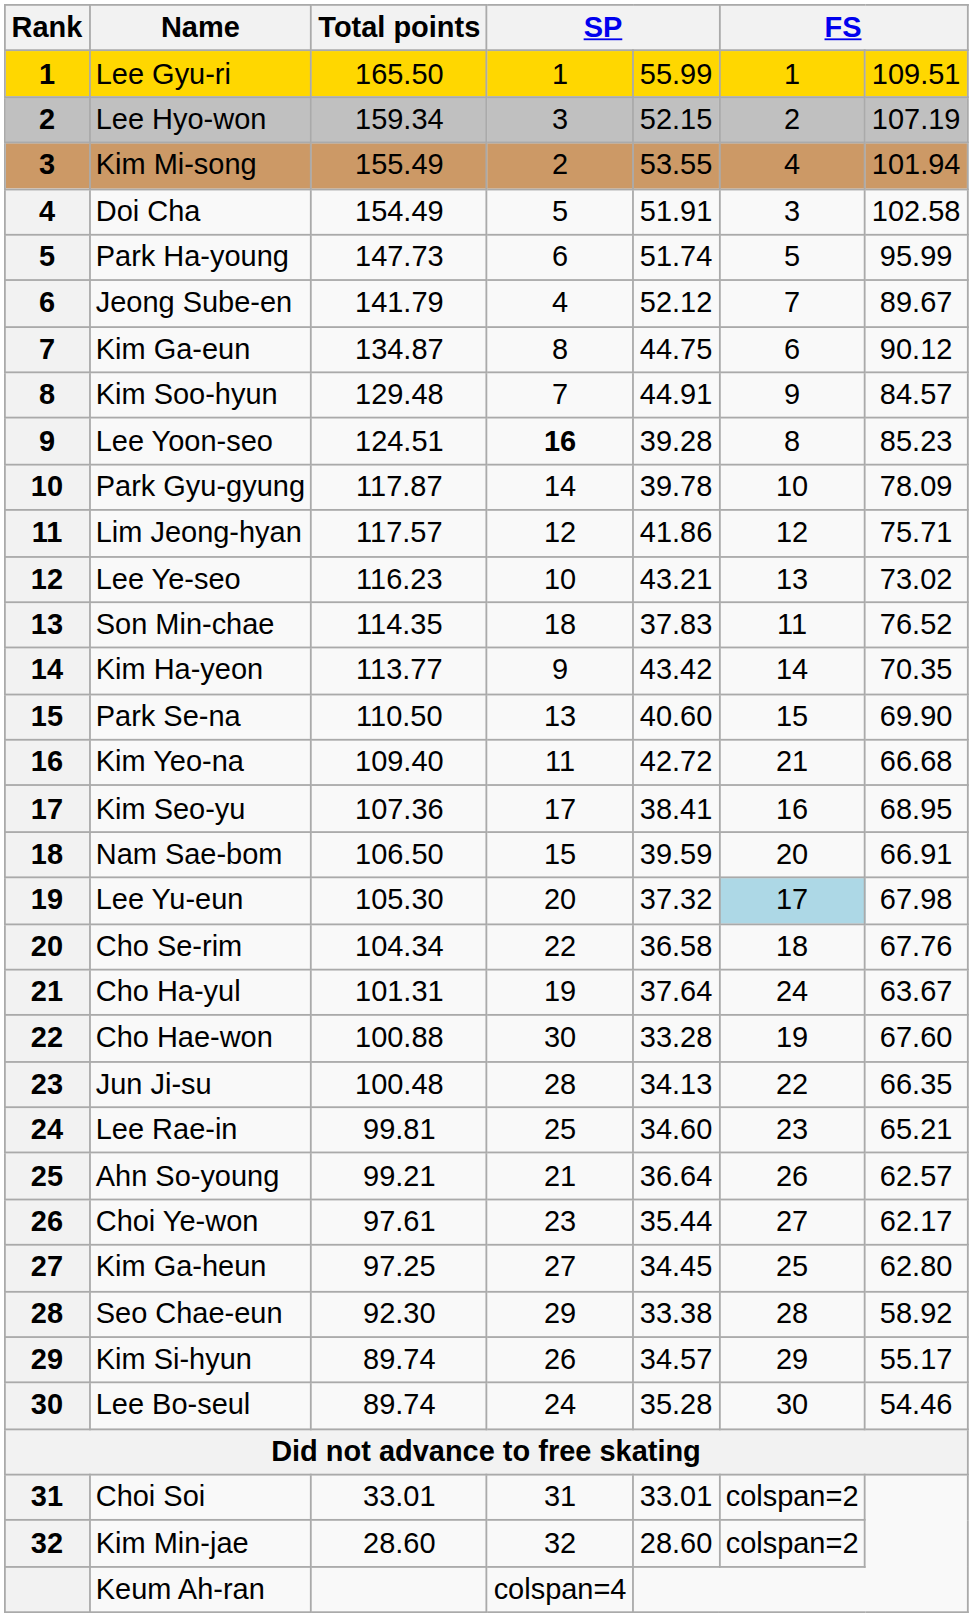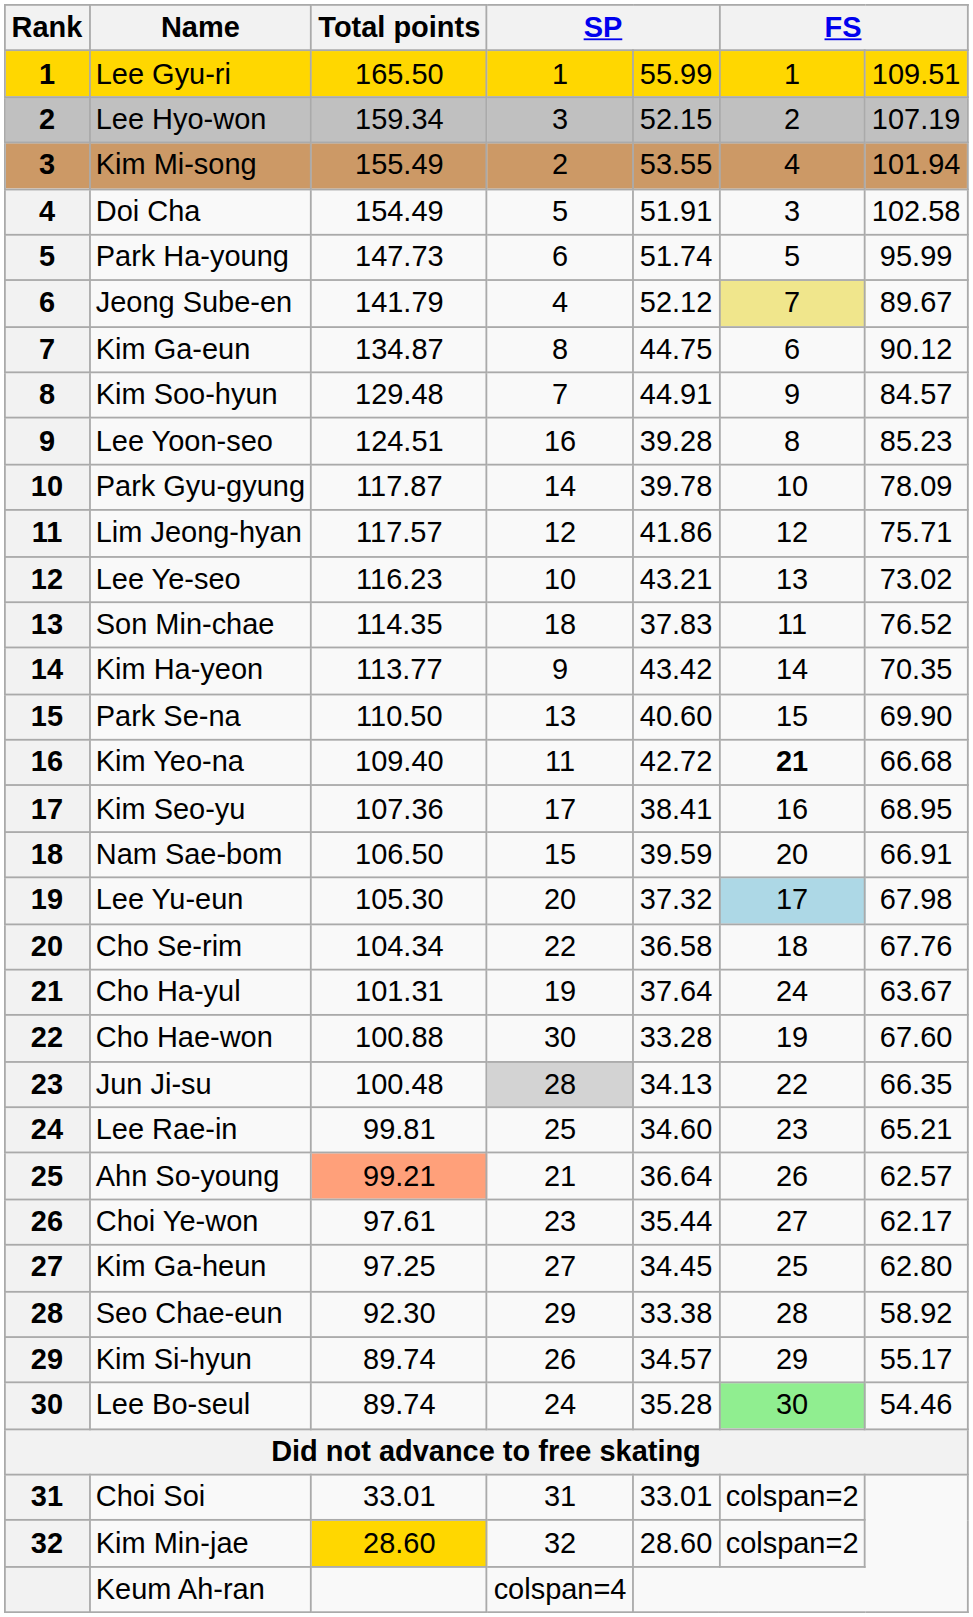 <table class="wikitable sortable">
 <tr>
 <th>Rank</th>
 <th>Name</th>
 <th>Total points</th>
 <th colspan="2" width="80px"><a href='#'>SP</a></th>
 <th colspan="2" width="80px"><a href='#'>FS</a></th>
 </tr>
 <tr bgcolor="gold">
 <td align="center"><strong>1</strong></td>
 <td>Lee Gyu-ri</td>
 <td align="center">165.50</td>
 <td align="center">1</td>
 <td align="center">55.99</td>
 <td align="center">1</td>
 <td align="center">109.51</td>
 </tr>
 <tr bgcolor="silver">
 <td align="center"><strong>2</strong></td>
 <td>Lee Hyo-won</td>
 <td align="center">159.34</td>
 <td align="center">3</td>
 <td align="center">52.15</td>
 <td align="center">2</td>
 <td align="center">107.19</td>
 </tr>
 <tr bgcolor="cc9966">
 <td align="center"><strong>3</strong></td>
 <td>Kim Mi-song</td>
 <td align="center">155.49</td>
 <td align="center">2</td>
 <td align="center">53.55</td>
 <td align="center">4</td>
 <td align="center">101.94</td>
 </tr>
 <tr>
 <th>4</th>
 <td>Doi Cha</td>
 <td align="center">154.49</td>
 <td align="center">5</td>
 <td align="center">51.91</td>
 <td align="center">3</td>
 <td align="center">102.58</td>
 </tr>
 <tr>
 <th>5</th>
 <td>Park Ha-young</td>
 <td align="center">147.73</td>
 <td align="center">6</td>
 <td align="center">51.74</td>
 <td align="center">5</td>
 <td align="center">95.99</td>
 </tr>
 <tr>
 <th>6</th>
 <td>Jeong Sube-en</td>
 <td align="center">141.79</td>
 <td align="center">4</td>
 <td align="center">52.12</td>
-<td align="center">7</td>
+<td align="center" style="background: khaki;">7</td>
 <td align="center">89.67</td>
 </tr>
 <tr>
 <th>7</th>
 <td>Kim Ga-eun</td>
 <td align="center">134.87</td>
 <td align="center">8</td>
 <td align="center">44.75</td>
 <td align="center">6</td>
 <td align="center">90.12</td>
 </tr>
 <tr>
 <th>8</th>
 <td>Kim Soo-hyun</td>
 <td align="center">129.48</td>
 <td align="center">7</td>
 <td align="center">44.91</td>
 <td align="center">9</td>
 <td align="center">84.57</td>
 </tr>
 <tr>
 <th>9</th>
 <td>Lee Yoon-seo</td>
 <td align="center">124.51</td>
-<td align="center"><strong>16</strong></td>
+<td align="center">16</td>
 <td align="center">39.28</td>
 <td align="center">8</td>
 <td align="center">85.23</td>
 </tr>
 <tr>
 <th>10</th>
 <td>Park Gyu-gyung</td>
 <td align="center">117.87</td>
 <td align="center">14</td>
 <td align="center">39.78</td>
 <td align="center">10</td>
 <td align="center">78.09</td>
 </tr>
 <tr>
 <th>11</th>
 <td>Lim Jeong-hyan</td>
 <td align="center">117.57</td>
 <td align="center">12</td>
 <td align="center">41.86</td>
 <td align="center">12</td>
 <td align="center">75.71</td>
 </tr>
 <tr>
 <th>12</th>
 <td>Lee Ye-seo</td>
 <td align="center">116.23</td>
 <td align="center">10</td>
 <td align="center">43.21</td>
 <td align="center">13</td>
 <td align="center">73.02</td>
 </tr>
 <tr>
 <th>13</th>
 <td>Son Min-chae</td>
 <td align="center">114.35</td>
 <td align="center">18</td>
 <td align="center">37.83</td>
 <td align="center">11</td>
 <td align="center">76.52</td>
 </tr>
 <tr>
 <th>14</th>
 <td>Kim Ha-yeon</td>
 <td align="center">113.77</td>
 <td align="center">9</td>
 <td align="center">43.42</td>
 <td align="center">14</td>
 <td align="center">70.35</td>
 </tr>
 <tr>
 <th>15</th>
 <td>Park Se-na</td>
 <td align="center">110.50</td>
 <td align="center">13</td>
 <td align="center">40.60</td>
 <td align="center">15</td>
 <td align="center">69.90</td>
 </tr>
 <tr>
 <th>16</th>
 <td>Kim Yeo-na</td>
 <td align="center">109.40</td>
 <td align="center">11</td>
 <td align="center">42.72</td>
-<td align="center">21</td>
+<td align="center"><strong>21</strong></td>
 <td align="center">66.68</td>
 </tr>
 <tr>
 <th>17</th>
 <td>Kim Seo-yu</td>
 <td align="center">107.36</td>
 <td align="center">17</td>
 <td align="center">38.41</td>
 <td align="center">16</td>
 <td align="center">68.95</td>
 </tr>
 <tr>
 <th>18</th>
 <td>Nam Sae-bom</td>
 <td align="center">106.50</td>
 <td align="center">15</td>
 <td align="center">39.59</td>
 <td align="center">20</td>
 <td align="center">66.91</td>
 </tr>
 <tr>
 <th>19</th>
 <td>Lee Yu-eun</td>
 <td align="center">105.30</td>
 <td align="center">20</td>
 <td align="center">37.32</td>
 <td align="center" style="background: lightblue;">17</td>
 <td align="center">67.98</td>
 </tr>
 <tr>
 <th>20</th>
 <td>Cho Se-rim</td>
 <td align="center">104.34</td>
 <td align="center">22</td>
 <td align="center">36.58</td>
 <td align="center">18</td>
 <td align="center">67.76</td>
 </tr>
 <tr>
 <th>21</th>
 <td>Cho Ha-yul</td>
 <td align="center">101.31</td>
 <td align="center">19</td>
 <td align="center">37.64</td>
 <td align="center">24</td>
 <td align="center">63.67</td>
 </tr>
 <tr>
 <th>22</th>
 <td>Cho Hae-won</td>
 <td align="center">100.88</td>
 <td align="center">30</td>
 <td align="center">33.28</td>
 <td align="center">19</td>
 <td align="center">67.60</td>
 </tr>
 <tr>
 <th>23</th>
 <td>Jun Ji-su</td>
 <td align="center">100.48</td>
-<td align="center">28</td>
+<td align="center" style="background: lightgrey;">28</td>
 <td align="center">34.13</td>
 <td align="center">22</td>
 <td align="center">66.35</td>
 </tr>
 <tr>
 <th>24</th>
 <td>Lee Rae-in</td>
 <td align="center">99.81</td>
 <td align="center">25</td>
 <td align="center">34.60</td>
 <td align="center">23</td>
 <td align="center">65.21</td>
 </tr>
 <tr>
 <th>25</th>
 <td>Ahn So-young</td>
-<td align="center">99.21</td>
+<td align="center" style="background: lightsalmon;">99.21</td>
 <td align="center">21</td>
 <td align="center">36.64</td>
 <td align="center">26</td>
 <td align="center">62.57</td>
 </tr>
 <tr>
 <th>26</th>
 <td>Choi Ye-won</td>
 <td align="center">97.61</td>
 <td align="center">23</td>
 <td align="center">35.44</td>
 <td align="center">27</td>
 <td align="center">62.17</td>
 </tr>
 <tr>
 <th>27</th>
 <td>Kim Ga-heun</td>
 <td align="center">97.25</td>
 <td align="center">27</td>
 <td align="center">34.45</td>
 <td align="center">25</td>
 <td align="center">62.80</td>
 </tr>
 <tr>
 <th>28</th>
 <td>Seo Chae-eun</td>
 <td align="center">92.30</td>
 <td align="center">29</td>
 <td align="center">33.38</td>
 <td align="center">28</td>
 <td align="center">58.92</td>
 </tr>
 <tr>
 <th>29</th>
 <td>Kim Si-hyun</td>
 <td align="center">89.74</td>
 <td align="center">26</td>
 <td align="center">34.57</td>
 <td align="center">29</td>
 <td align="center">55.17</td>
 </tr>
 <tr>
 <th>30</th>
 <td>Lee Bo-seul</td>
 <td align="center">89.74</td>
 <td align="center">24</td>
 <td align="center">35.28</td>
-<td align="center">30</td>
+<td align="center" style="background: lightgreen;">30</td>
 <td align="center">54.46</td>
 </tr>
 <tr>
 <th colspan="7">Did not advance to free skating</th>
 </tr>
 <tr>
 <th>31</th>
 <td>Choi Soi</td>
 <td align="center">33.01</td>
 <td align="center">31</td>
 <td align="center">33.01</td>
 <td>colspan=2 </td>
 </tr>
 <tr>
 <th>32</th>
 <td>Kim Min-jae</td>
-<td align="center">28.60</td>
+<td align="center" style="background: gold;">28.60</td>
 <td align="center">32</td>
 <td align="center">28.60</td>
 <td>colspan=2 </td>
 </tr>
 <tr>
 <th></th>
 <td>Keum Ah-ran</td>
 <td></td>
 <td>colspan=4 </td>
 </tr>
 </table>
